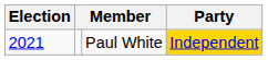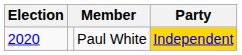 <table class="wikitable">
 <tr>
 <th>Election</th>
 <th colspan="2">Member</th>
 <th>Party</th>
 </tr>
 <tr>
-<td><a href='#'>2021</a></td>
+<td><a href='#'>2020</a></td>
 <td rowspan="1" style="background-color: "></td>
 <td rowspan="1">Paul White</td>
 <td rowspan="1" style="background: gold;"><a href='#'>Independent</a></td>
 </tr>
 </table>
